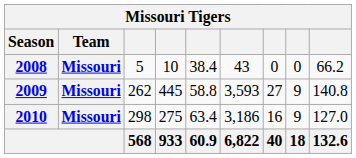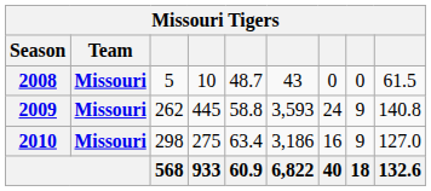 <table class="wikitable" style="text-align:center;">
 <tr>
 <th colspan="9">Missouri Tigers</th>
 </tr>
 <tr>
 <th>Season</th>
 <th>Team</th>
 <th></th>
 <th></th>
 <th></th>
 <th></th>
 <th></th>
 <th></th>
 <th></th>
 </tr>
 <tr>
 <th><a href='#'>2008</a></th>
 <th><a href='#'>Missouri</a></th>
 <td>5</td>
 <td>10</td>
-<td>38.4</td>
+<td>48.7</td>
 <td>43</td>
 <td>0</td>
 <td>0</td>
-<td>66.2</td>
+<td>61.5</td>
 </tr>
 <tr>
 <th><a href='#'>2009</a></th>
 <th><a href='#'>Missouri</a></th>
 <td>262</td>
 <td>445</td>
 <td>58.8</td>
 <td>3,593</td>
-<td>27</td>
+<td>24</td>
 <td>9</td>
 <td>140.8</td>
 </tr>
 <tr>
 <th><a href='#'>2010</a></th>
 <th><a href='#'>Missouri</a></th>
 <td>298</td>
 <td>275</td>
 <td>63.4</td>
 <td>3,186</td>
 <td>16</td>
 <td>9</td>
 <td>127.0</td>
 </tr>
 <tr>
 <th colspan="2"></th>
 <th>568</th>
 <th>933</th>
 <th>60.9</th>
 <th>6,822</th>
 <th>40</th>
 <th>18</th>
 <th>132.6</th>
 </tr>
 </table>
